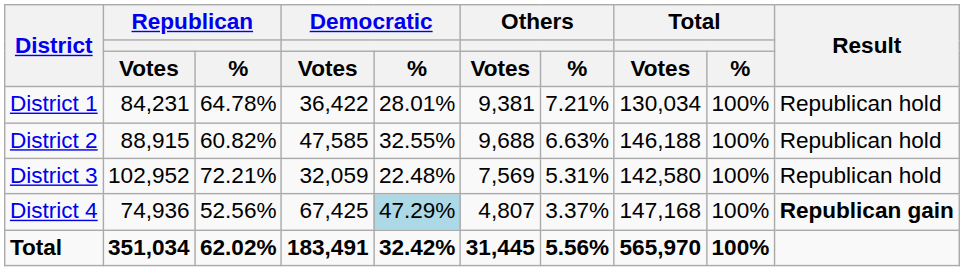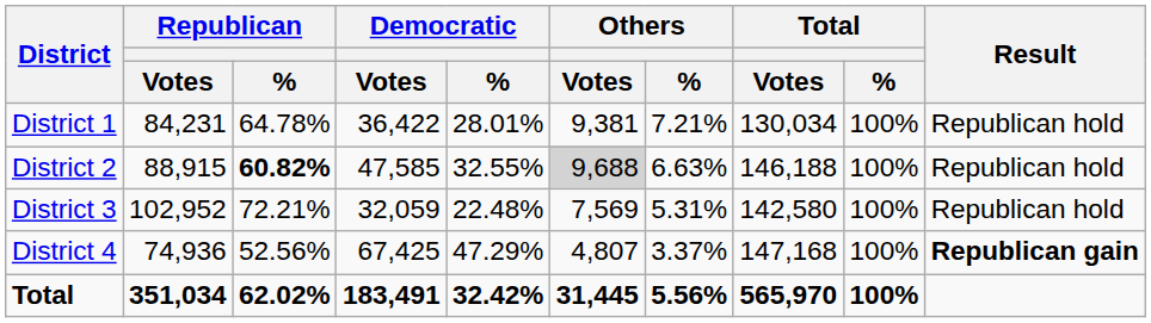 <table class="wikitable plainrowheaders sortable" style="font-size:100%; text-align:right;">
 <tr>
 <th scope=col rowspan=3><a href='#'>District</a></th>
 <th scope=col colspan=2><a href='#'>Republican</a></th>
 <th scope=col colspan=2><a href='#'>Democratic</a></th>
 <th scope=col colspan=2>Others</th>
 <th scope=col colspan=2>Total</th>
 <th scope=col rowspan=3>Result</th>
 </tr>
 <tr>
 <th scope=col colspan=2 style="background:"></th>
 <th scope=col colspan=2 style="background:"></th>
 <th scope=col colspan=2></th>
 <th scope=col colspan=2></th>
 </tr>
 <tr>
 <th scope=col data-sort-type="number">Votes</th>
 <th scope=col data-sort-type="number">%</th>
 <th scope=col data-sort-type="number">Votes</th>
 <th scope=col data-sort-type="number">%</th>
 <th scope=col data-sort-type="number">Votes</th>
 <th scope=col data-sort-type="number">%</th>
 <th scope=col data-sort-type="number">Votes</th>
 <th scope=col data-sort-type="number">%</th>
 </tr>
 <tr>
 <td align=left><a href='#'>District 1</a></td>
 <td>84,231</td>
 <td>64.78%</td>
 <td>36,422</td>
 <td>28.01%</td>
 <td>9,381</td>
 <td>7.21%</td>
 <td>130,034</td>
 <td>100%</td>
 <td align=left>Republican hold</td>
 </tr>
 <tr>
 <td align=left><a href='#'>District 2</a></td>
 <td>88,915</td>
-<td>60.82%</td>
+<td><strong>60.82%</strong></td>
 <td>47,585</td>
 <td>32.55%</td>
-<td>9,688</td>
+<td style="background: lightgrey;">9,688</td>
 <td>6.63%</td>
 <td>146,188</td>
 <td>100%</td>
 <td align=left>Republican hold</td>
 </tr>
 <tr>
 <td align=left><a href='#'>District 3</a></td>
 <td>102,952</td>
 <td>72.21%</td>
 <td>32,059</td>
 <td>22.48%</td>
 <td>7,569</td>
 <td>5.31%</td>
 <td>142,580</td>
 <td>100%</td>
 <td align=left>Republican hold</td>
 </tr>
 <tr>
 <td align=left><a href='#'>District 4</a></td>
 <td>74,936</td>
 <td>52.56%</td>
 <td>67,425</td>
-<td style="background: lightblue;">47.29%</td>
+<td>47.29%</td>
 <td>4,807</td>
 <td>3.37%</td>
 <td>147,168</td>
 <td>100%</td>
 <td align=left><strong>Republican gain</strong></td>
 </tr>
 <tr class="sortbottom" style="font-weight:bold">
 <td align=left>Total</td>
 <td>351,034</td>
 <td>62.02%</td>
 <td>183,491</td>
 <td>32.42%</td>
 <td>31,445</td>
 <td>5.56%</td>
 <td>565,970</td>
 <td>100%</td>
 <td></td>
 </tr>
 </table>
